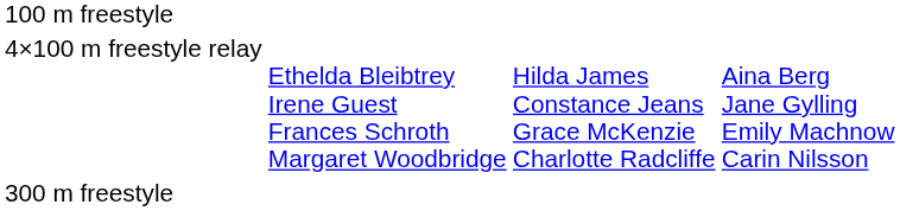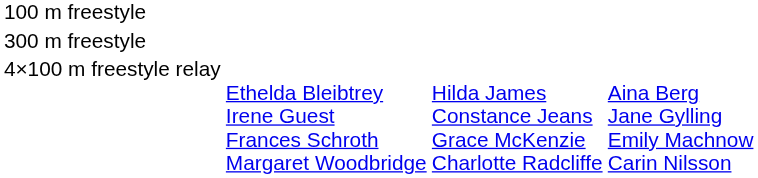 <table>
 <tr>
 <td>100 m freestyle<br></td>
+<td></td>
+<td></td>
+<td></td>
+</tr>
+<tr>
+<td>300 m freestyle<br></td>
 <td></td>
 <td></td>
 <td></td>
 </tr>
 <tr valign="top">
 <td>4×100 m freestyle relay<br></td>
 <td><br><a href='#'>Ethelda Bleibtrey</a><br><a href='#'>Irene Guest</a><br><a href='#'>Frances Schroth</a><br><a href='#'>Margaret Woodbridge</a></td>
 <td><br><a href='#'>Hilda James</a><br><a href='#'>Constance Jeans</a><br><a href='#'>Grace McKenzie</a><br><a href='#'>Charlotte Radcliffe</a></td>
 <td><br><a href='#'>Aina Berg</a><br><a href='#'>Jane Gylling</a><br><a href='#'>Emily Machnow</a><br><a href='#'>Carin Nilsson</a></td>
 </tr>
-<tr>
-<td>300 m freestyle<br></td>
-<td></td>
-<td></td>
-<td></td>
-</tr>
 </table>
